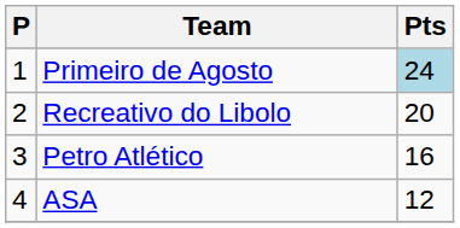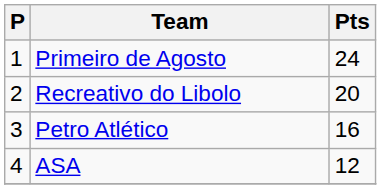 <table class="wikitable">
 <tr>
 <th>P</th>
 <th width=205>Team</th>
 <th>Pts</th>
 </tr>
 <tr>
 <td>1</td>
 <td><a href='#'>Primeiro de Agosto</a></td>
-<td style="background: lightblue;">24</td>
+<td>24</td>
 </tr>
 <tr>
 <td>2</td>
 <td><a href='#'>Recreativo do Libolo</a></td>
 <td>20</td>
 </tr>
 <tr>
 <td>3</td>
 <td><a href='#'>Petro Atlético</a></td>
 <td>16</td>
 </tr>
 <tr>
 <td>4</td>
 <td><a href='#'>ASA</a></td>
 <td>12</td>
 </tr>
 <tr>
 </tr>
 <tr>
 </tr>
 </table>
